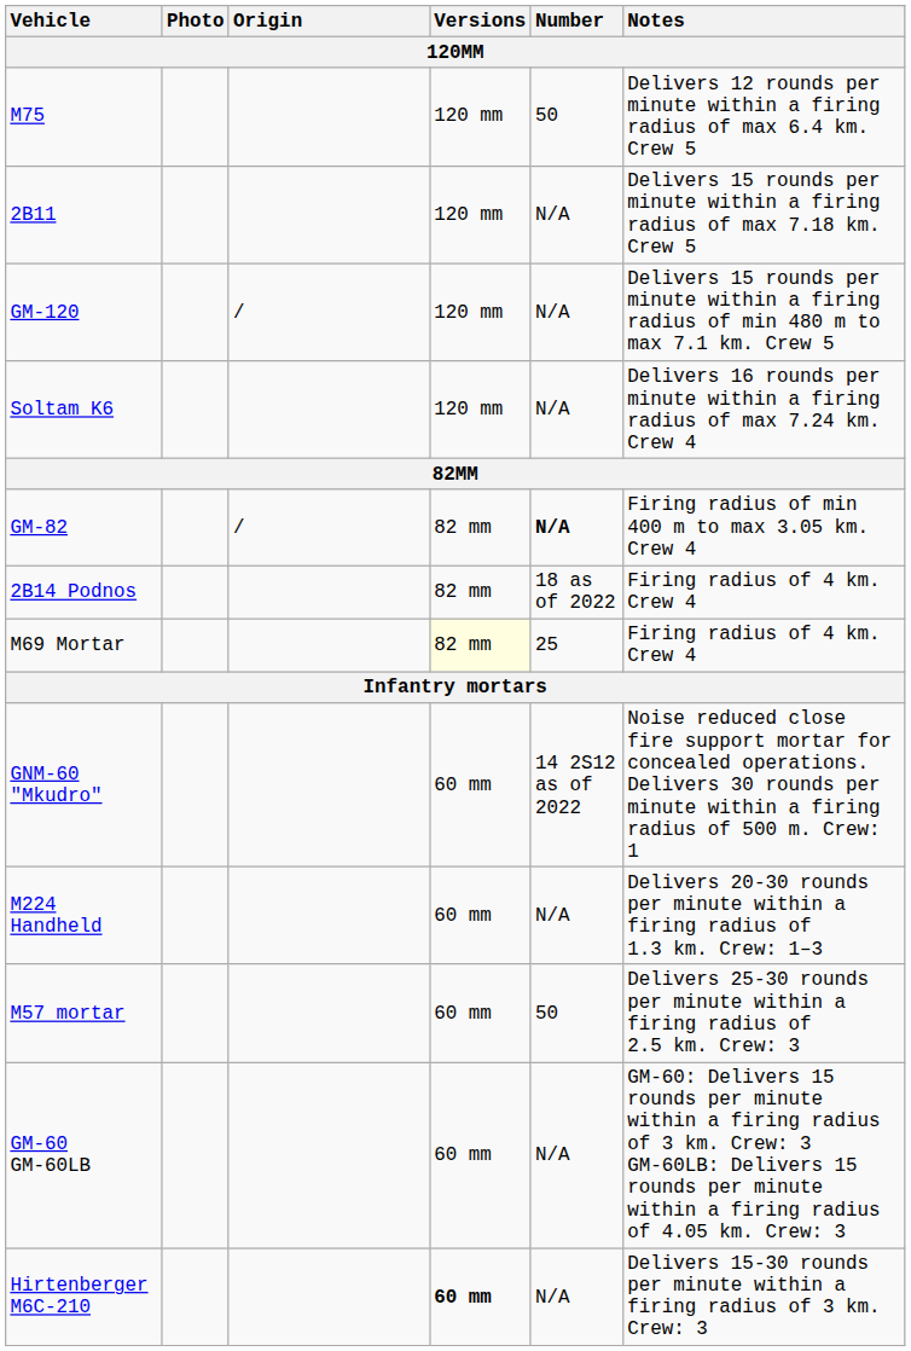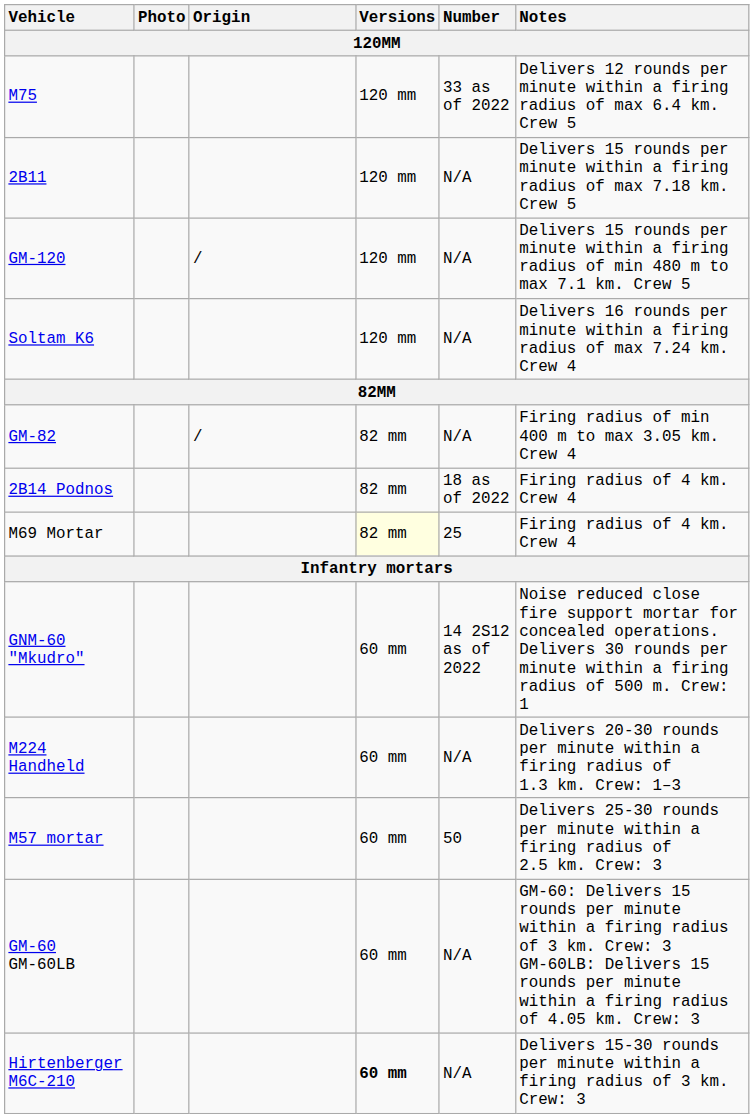 <table class="wikitable">
 <tr>
 <th style="text-align: left;">Vehicle</th>
 <th style="text-align: left;">Photo</th>
 <th style="text-align:left; width:130px;">Origin</th>
 <th style="text-align: left;">Versions</th>
 <th style="text-align: left;">Number</th>
 <th style="text-align: left;">Notes</th>
 </tr>
 <tr>
 <th style="align: center;" colspan="6">120MM</th>
 </tr>
 <tr>
 <td><a href='#'>M75</a></td>
 <td></td>
 <td></td>
 <td>120 mm</td>
-<td>50</td>
+<td>33 as of 2022</td>
 <td>Delivers 12 rounds per minute within a firing radius of max 6.4 km. Crew 5</td>
 </tr>
 <tr>
 <td><a href='#'>2B11</a></td>
 <td></td>
 <td></td>
 <td>120 mm</td>
 <td>N/A</td>
 <td>Delivers 15 rounds per minute within a firing radius of max 7.18 km. Crew 5</td>
 </tr>
 <tr>
 <td><a href='#'>GM-120</a></td>
 <td></td>
 <td> /<br></td>
 <td>120 mm</td>
 <td>N/A</td>
 <td>Delivers 15 rounds per minute within a firing radius of min 480 m to max 7.1 km. Crew 5</td>
 </tr>
 <tr>
 <td><a href='#'>Soltam K6</a></td>
 <td></td>
 <td><br><br></td>
 <td>120 mm</td>
 <td>N/A</td>
 <td>Delivers 16 rounds per minute within a firing radius of max 7.24 km. Crew 4</td>
 </tr>
 <tr>
 <th style="align: center;" colspan="6">82MM</th>
 </tr>
 <tr>
 <td><a href='#'>GM-82</a></td>
 <td></td>
 <td> /<br></td>
 <td>82 mm</td>
-<td><strong>N/A</strong></td>
+<td>N/A</td>
 <td>Firing radius of min 400 m to max 3.05 km. Crew 4</td>
 </tr>
 <tr>
 <td><a href='#'>2B14 Podnos</a></td>
 <td></td>
 <td></td>
 <td>82 mm</td>
 <td>18 as of 2022</td>
 <td>Firing radius of 4 km. Crew 4</td>
 </tr>
 <tr>
 <td>M69 Mortar</td>
 <td></td>
 <td></td>
 <td style="background: lightyellow;">82 mm</td>
 <td>25</td>
 <td>Firing radius of 4 km. Crew 4</td>
 </tr>
 <tr>
 <th colspan="6">Infantry mortars</th>
 </tr>
 <tr>
 <td><a href='#'>GNM-60 "Mkudro"</a></td>
 <td></td>
 <td></td>
 <td>60 mm</td>
 <td>14 2S12 as of 2022</td>
 <td>Noise reduced close fire support mortar for concealed operations. Delivers 30 rounds per minute within a firing radius of 500 m. Crew: 1</td>
 </tr>
 <tr>
 <td><a href='#'>M224 Handheld</a></td>
 <td></td>
 <td></td>
 <td>60 mm</td>
 <td>N/A</td>
 <td>Delivers 20-30 rounds per minute within a firing radius of 1.3 km. Crew: 1–3</td>
 </tr>
 <tr>
 <td><a href='#'>M57 mortar</a></td>
 <td></td>
 <td></td>
 <td>60 mm</td>
 <td>50</td>
 <td>Delivers 25-30 rounds per minute within a firing radius of 2.5 km. Crew: 3</td>
 </tr>
 <tr>
 <td><a href='#'>GM-60</a><br>GM-60LB</td>
 <td></td>
 <td></td>
 <td>60 mm</td>
 <td>N/A</td>
 <td>GM-60: Delivers 15 rounds per minute within a firing radius of 3 km. Crew: 3<br>GM-60LB: Delivers 15 rounds per minute within a firing radius of 4.05 km. Crew: 3</td>
 </tr>
 <tr>
 <td><a href='#'>Hirtenberger M6C-210</a></td>
 <td></td>
 <td></td>
 <td><strong>60 mm</strong></td>
 <td>N/A</td>
 <td>Delivers 15-30 rounds per minute within a firing radius of 3 km. Crew: 3</td>
 </tr>
 </table>
